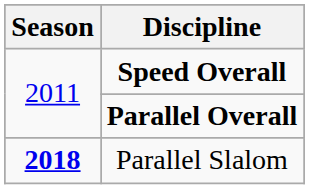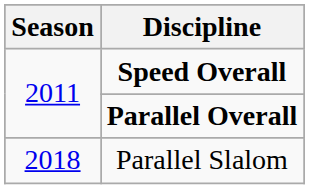 <table class=wikitable style="text-align:center;">
 <tr>
 <th>Season</th>
 <th>Discipline</th>
 </tr>
 <tr>
 <td rowspan=2><a href='#'>2011</a></td>
 <td><strong>Speed Overall</strong></td>
 </tr>
 <tr>
 <td><strong>Parallel Overall</strong></td>
 </tr>
 <tr>
-<td><strong><a href='#'>2018</a></strong></td>
+<td><a href='#'>2018</a></td>
 <td>Parallel Slalom</td>
 </tr>
 </table>
